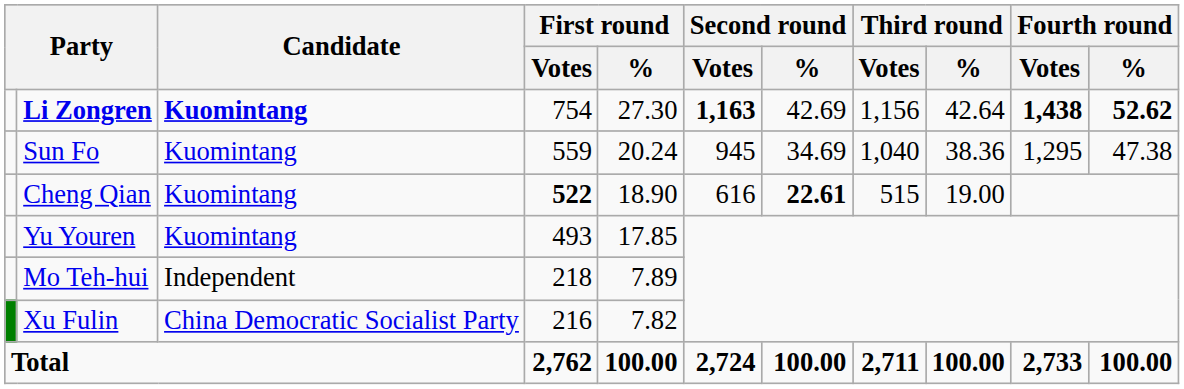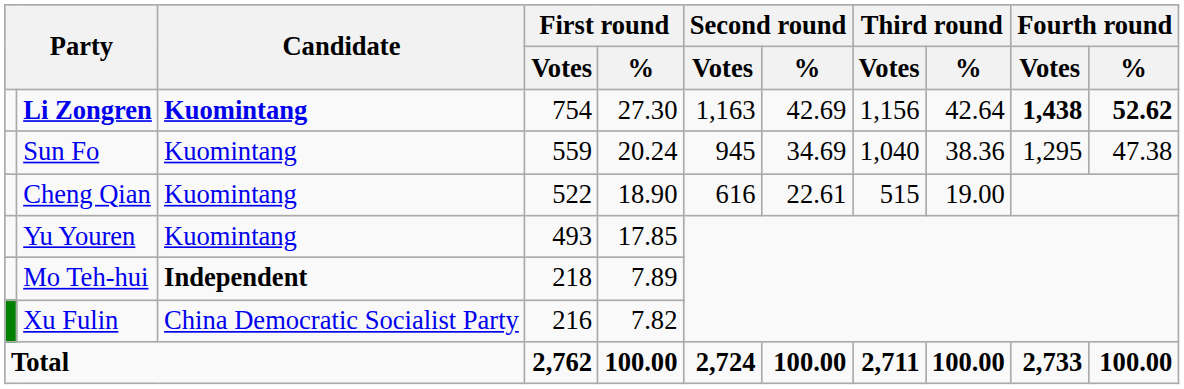 <table class=wikitable style=text-align:right>
 <tr>
 <th rowspan=2 colspan=2>Party</th>
 <th rowspan=2>Candidate</th>
 <th colspan=2>First round</th>
 <th colspan=2>Second round</th>
 <th colspan=2>Third round</th>
 <th colspan=2>Fourth round</th>
 </tr>
 <tr>
 <th>Votes</th>
 <th>%</th>
 <th>Votes</th>
 <th>%</th>
 <th>Votes</th>
 <th>%</th>
 <th>Votes</th>
 <th>%</th>
 </tr>
 <tr>
 <td bgcolor=></td>
 <td align=left><strong><a href='#'>Li Zongren</a></strong></td>
 <td align=left><strong><a href='#'>Kuomintang</a></strong></td>
 <td>754</td>
 <td>27.30</td>
-<td><strong>1,163</strong></td>
+<td>1,163</td>
 <td>42.69</td>
 <td>1,156</td>
 <td>42.64</td>
 <td><strong>1,438</strong></td>
 <td><strong>52.62</strong></td>
 </tr>
 <tr>
 <td bgcolor=></td>
 <td align=left><a href='#'>Sun Fo</a></td>
 <td align=left><a href='#'>Kuomintang</a></td>
 <td>559</td>
 <td>20.24</td>
 <td>945</td>
 <td>34.69</td>
 <td>1,040</td>
 <td>38.36</td>
 <td>1,295</td>
 <td>47.38</td>
 </tr>
 <tr>
 <td bgcolor=></td>
 <td align=left><a href='#'>Cheng Qian</a></td>
 <td align=left><a href='#'>Kuomintang</a></td>
-<td><strong>522</strong></td>
+<td>522</td>
 <td>18.90</td>
 <td>616</td>
-<td><strong>22.61</strong></td>
+<td>22.61</td>
 <td>515</td>
 <td>19.00</td>
 <td colspan=2></td>
 </tr>
 <tr>
 <td bgcolor=></td>
 <td align=left><a href='#'>Yu Youren</a></td>
 <td align=left><a href='#'>Kuomintang</a></td>
 <td>493</td>
 <td>17.85</td>
 <td colspan=6 rowspan=3></td>
 </tr>
 <tr>
 <td bgcolor=></td>
 <td align=left><a href='#'>Mo Teh-hui</a></td>
-<td align=left>Independent</td>
+<td align=left><strong>Independent</strong></td>
 <td>218</td>
 <td>7.89</td>
 </tr>
 <tr>
 <td bgcolor=#008000></td>
 <td align=left><a href='#'>Xu Fulin</a></td>
 <td align=left><a href='#'>China Democratic Socialist Party</a></td>
 <td>216</td>
 <td>7.82</td>
 </tr>
 <tr>
 <td colspan=3 align=left><strong>Total</strong></td>
 <td><strong>2,762</strong></td>
 <td><strong>100.00</strong></td>
 <td><strong>2,724</strong></td>
 <td><strong>100.00</strong></td>
 <td><strong>2,711</strong></td>
 <td><strong>100.00</strong></td>
 <td><strong>2,733</strong></td>
 <td><strong>100.00</strong></td>
 </tr>
 </table>
